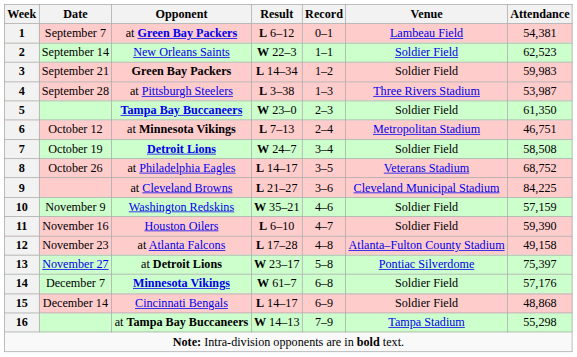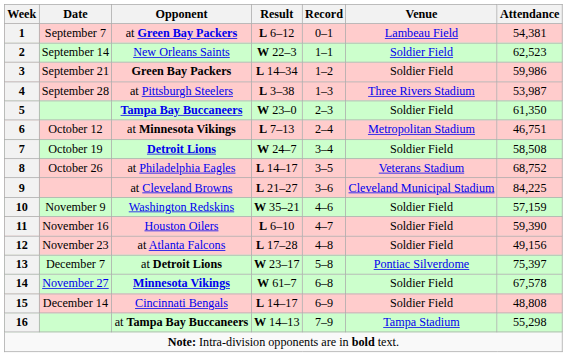 <table class="wikitable" style="text-align:center">
 <tr>
 <th>Week</th>
 <th>Date</th>
 <th>Opponent</th>
 <th>Result</th>
 <th>Record</th>
 <th>Venue</th>
 <th>Attendance</th>
 </tr>
 <tr style="background:#fcc">
 <th>1</th>
 <td>September 7</td>
 <td>at <strong><a href='#'>Green Bay Packers</a></strong></td>
 <td><strong>L</strong> 6–12 </td>
 <td>0–1</td>
 <td><a href='#'>Lambeau Field</a></td>
 <td>54,381</td>
 </tr>
 <tr style="background:#cfc">
 <th>2</th>
 <td>September 14</td>
 <td><a href='#'>New Orleans Saints</a></td>
 <td><strong>W</strong> 22–3</td>
 <td>1–1</td>
 <td><a href='#'>Soldier Field</a></td>
 <td>62,523</td>
 </tr>
 <tr style="background:#fcc">
 <th>3</th>
 <td>September 21</td>
 <td><strong>Green Bay Packers</strong></td>
 <td><strong>L</strong> 14–34</td>
 <td>1–2</td>
 <td>Soldier Field</td>
-<td>59,983</td>
+<td>59,986</td>
 </tr>
 <tr style="background:#fcc">
 <th>4</th>
 <td>September 28</td>
 <td>at <a href='#'>Pittsburgh Steelers</a></td>
 <td><strong>L</strong> 3–38</td>
 <td>1–3</td>
 <td><a href='#'>Three Rivers Stadium</a></td>
 <td>53,987</td>
 </tr>
 <tr style="background:#cfc">
 <th>5</th>
 <td></td>
 <td><strong><a href='#'>Tampa Bay Buccaneers</a></strong></td>
 <td><strong>W</strong> 23–0</td>
 <td>2–3</td>
 <td>Soldier Field</td>
 <td>61,350</td>
 </tr>
 <tr style="background:#fcc">
 <th>6</th>
 <td>October 12</td>
 <td>at <strong>Minnesota Vikings</strong></td>
 <td><strong>L</strong> 7–13</td>
 <td>2–4</td>
 <td><a href='#'>Metropolitan Stadium</a></td>
 <td>46,751</td>
 </tr>
 <tr style="background:#cfc">
 <th>7</th>
 <td>October 19</td>
 <td><strong><a href='#'>Detroit Lions</a></strong></td>
 <td><strong>W</strong> 24–7</td>
 <td>3–4</td>
 <td>Soldier Field</td>
 <td>58,508</td>
 </tr>
 <tr style="background:#fcc">
 <th>8</th>
 <td>October 26</td>
 <td>at <a href='#'>Philadelphia Eagles</a></td>
 <td><strong>L</strong> 14–17</td>
 <td>3–5</td>
 <td><a href='#'>Veterans Stadium</a></td>
 <td>68,752</td>
 </tr>
 <tr style="background:#fcc">
 <th>9</th>
 <td></td>
 <td>at <a href='#'>Cleveland Browns</a></td>
 <td><strong>L</strong> 21–27</td>
 <td>3–6</td>
 <td><a href='#'>Cleveland Municipal Stadium</a></td>
 <td>84,225</td>
 </tr>
 <tr style="background:#cfc">
 <th>10</th>
 <td>November 9</td>
 <td><a href='#'>Washington Redskins</a></td>
 <td><strong>W</strong> 35–21</td>
 <td>4–6</td>
 <td>Soldier Field</td>
 <td>57,159</td>
 </tr>
 <tr style="background:#fcc">
 <th>11</th>
 <td>November 16</td>
 <td><a href='#'>Houston Oilers</a></td>
 <td><strong>L</strong> 6–10</td>
 <td>4–7</td>
 <td>Soldier Field</td>
 <td>59,390</td>
 </tr>
 <tr style="background:#fcc">
 <th>12</th>
 <td>November 23</td>
 <td>at <a href='#'>Atlanta Falcons</a></td>
 <td><strong>L</strong> 17–28</td>
 <td>4–8</td>
-<td><a href='#'>Atlanta–Fulton County Stadium</a></td>
-<td>49,158</td>
+<td>Soldier Field</td>
+<td>49,156</td>
 </tr>
 <tr style="background:#cfc">
 <th>13</th>
-<td><a href='#'>November 27</a></td>
+<td>December 7</td>
 <td>at <strong>Detroit Lions</strong></td>
 <td><strong>W</strong> 23–17 </td>
 <td>5–8</td>
 <td><a href='#'>Pontiac Silverdome</a></td>
 <td>75,397</td>
 </tr>
 <tr style="background:#cfc">
 <th>14</th>
-<td>December 7</td>
+<td><a href='#'>November 27</a></td>
 <td><strong><a href='#'>Minnesota Vikings</a></strong></td>
 <td><strong>W</strong> 61–7</td>
 <td>6–8</td>
 <td>Soldier Field</td>
-<td>57,176</td>
+<td>67,578</td>
 </tr>
 <tr style="background:#fcc">
 <th>15</th>
 <td>December 14</td>
 <td><a href='#'>Cincinnati Bengals</a></td>
 <td><strong>L</strong> 14–17 </td>
 <td>6–9</td>
 <td>Soldier Field</td>
-<td>48,868</td>
+<td>48,808</td>
 </tr>
 <tr style="background:#cfc">
 <th>16</th>
 <td></td>
 <td>at <strong>Tampa Bay Buccaneers</strong></td>
 <td><strong>W</strong> 14–13</td>
 <td>7–9</td>
 <td><a href='#'>Tampa Stadium</a></td>
 <td>55,298</td>
 </tr>
 <tr>
 <td colspan="8"><strong>Note:</strong> Intra-division opponents are in <strong>bold</strong> text.</td>
 </tr>
 </table>
